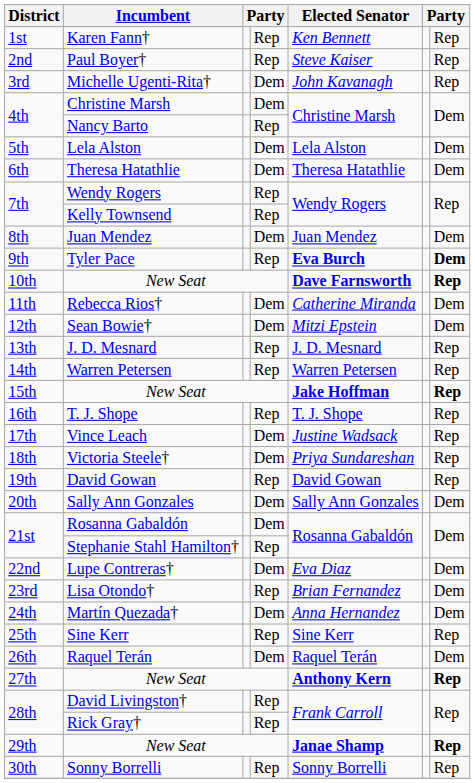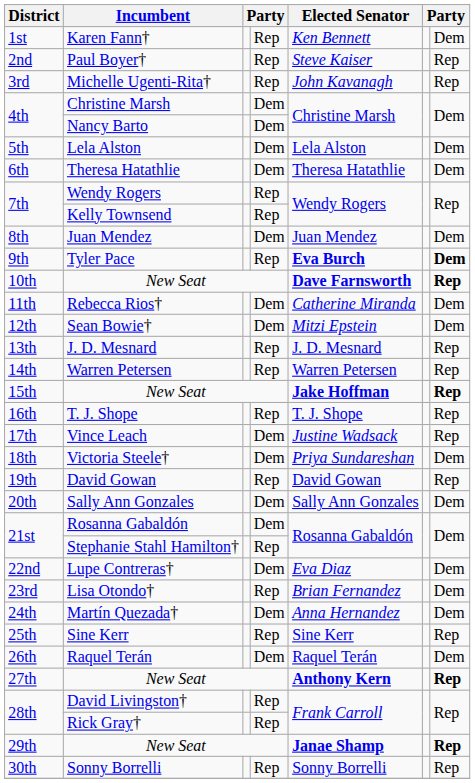 <table class="sortable wikitable" style="font-size:95%;line-height:14px;">
 <tr>
 <th>District</th>
 <th class="unsortable"><a href='#'>Incumbent</a></th>
 <th colspan="2">Party</th>
 <th class="unsortable">Elected Senator</th>
 <th colspan="2">Party</th>
 </tr>
 <tr>
 <td><a href='#'>1st</a></td>
 <td><a href='#'>Karen Fann</a>†</td>
 <td style="background:"></td>
 <td>Rep</td>
 <td><em><a href='#'>Ken Bennett</a></em></td>
 <td style="background:"></td>
-<td>Rep</td>
+<td>Dem</td>
 </tr>
 <tr>
 <td><a href='#'>2nd</a></td>
 <td><a href='#'>Paul Boyer</a>†</td>
 <td style="background:"></td>
 <td>Rep</td>
 <td><em><a href='#'>Steve Kaiser</a></em></td>
 <td style="background:"></td>
 <td>Rep</td>
 </tr>
 <tr>
 <td><a href='#'>3rd</a></td>
 <td><a href='#'>Michelle Ugenti-Rita</a>†</td>
 <td style="background:"></td>
-<td>Dem</td>
+<td>Rep</td>
 <td><em><a href='#'>John Kavanagh</a></em></td>
 <td style="background:"></td>
 <td>Rep</td>
 </tr>
 <tr>
 <td rowspan=2><a href='#'>4th</a></td>
 <td><a href='#'>Christine Marsh</a></td>
 <td style="background:"></td>
 <td>Dem</td>
 <td rowspan=2><a href='#'>Christine Marsh</a></td>
 <td rowspan=2 style="background:"></td>
 <td rowspan=2>Dem</td>
 </tr>
 <tr>
 <td><a href='#'>Nancy Barto</a></td>
 <td style="background:"></td>
-<td>Rep</td>
+<td>Dem</td>
 </tr>
 <tr>
 <td><a href='#'>5th</a></td>
 <td><a href='#'>Lela Alston</a></td>
 <td style="background:"></td>
 <td>Dem</td>
 <td><a href='#'>Lela Alston</a></td>
 <td style="background:"></td>
 <td>Dem</td>
 </tr>
 <tr>
 <td><a href='#'>6th</a></td>
 <td><a href='#'>Theresa Hatathlie</a></td>
 <td style="background:"></td>
 <td>Dem</td>
 <td><a href='#'>Theresa Hatathlie</a></td>
 <td style="background:"></td>
 <td>Dem</td>
 </tr>
 <tr>
 <td rowspan=2><a href='#'>7th</a></td>
 <td><a href='#'>Wendy Rogers</a></td>
 <td style="background:"></td>
 <td>Rep</td>
 <td rowspan=2><a href='#'>Wendy Rogers</a></td>
 <td rowspan=2 style="background:"></td>
 <td rowspan=2>Rep</td>
 </tr>
 <tr>
 <td><a href='#'>Kelly Townsend</a></td>
 <td style="background:"></td>
 <td>Rep</td>
 </tr>
 <tr>
 <td><a href='#'>8th</a></td>
 <td><a href='#'>Juan Mendez</a></td>
 <td style="background:"></td>
 <td>Dem</td>
 <td><a href='#'>Juan Mendez</a></td>
 <td style="background:"></td>
 <td>Dem</td>
 </tr>
 <tr>
 <td><a href='#'>9th</a></td>
 <td><a href='#'>Tyler Pace</a></td>
 <td style="background:"></td>
 <td>Rep</td>
 <td><strong><a href='#'>Eva Burch</a></strong></td>
 <td style="background:"></td>
 <td><strong>Dem</strong></td>
 </tr>
 <tr>
 <td><a href='#'>10th</a></td>
 <td colspan=3 align=center><em>New Seat</em></td>
 <td><strong><a href='#'>Dave Farnsworth</a></strong></td>
 <td style="background:"></td>
 <td><strong>Rep</strong></td>
 </tr>
 <tr>
 <td><a href='#'>11th</a></td>
 <td><a href='#'>Rebecca Rios</a>†</td>
 <td style="background:"></td>
 <td>Dem</td>
 <td><em><a href='#'>Catherine Miranda</a></em></td>
 <td style="background:"></td>
 <td>Dem</td>
 </tr>
 <tr>
 <td><a href='#'>12th</a></td>
 <td><a href='#'>Sean Bowie</a>†</td>
 <td style="background:"></td>
 <td>Dem</td>
 <td><em><a href='#'>Mitzi Epstein</a></em></td>
 <td style="background:"></td>
 <td>Dem</td>
 </tr>
 <tr>
 <td><a href='#'>13th</a></td>
 <td><a href='#'>J. D. Mesnard</a></td>
 <td style="background:"></td>
 <td>Rep</td>
 <td><a href='#'>J. D. Mesnard</a></td>
 <td style="background:"></td>
 <td>Rep</td>
 </tr>
 <tr>
 <td><a href='#'>14th</a></td>
 <td><a href='#'>Warren Petersen</a></td>
 <td style="background:"></td>
 <td>Rep</td>
 <td><a href='#'>Warren Petersen</a></td>
 <td style="background:"></td>
 <td>Rep</td>
 </tr>
 <tr>
 <td><a href='#'>15th</a></td>
 <td colspan=3 align=center><em>New Seat</em></td>
 <td><strong><a href='#'>Jake Hoffman</a></strong></td>
 <td style="background:"></td>
 <td><strong>Rep</strong></td>
 </tr>
 <tr>
 <td><a href='#'>16th</a></td>
 <td><a href='#'>T. J. Shope</a></td>
 <td style="background:"></td>
 <td>Rep</td>
 <td><a href='#'>T. J. Shope</a></td>
 <td style="background:"></td>
 <td>Rep</td>
 </tr>
 <tr>
 <td><a href='#'>17th</a></td>
 <td><a href='#'>Vince Leach</a></td>
 <td style="background:"></td>
 <td>Dem</td>
 <td><em><a href='#'>Justine Wadsack</a></em></td>
 <td style="background:"></td>
 <td>Rep</td>
 </tr>
 <tr>
 <td><a href='#'>18th</a></td>
 <td><a href='#'>Victoria Steele</a>†</td>
 <td style="background:"></td>
 <td>Dem</td>
 <td><em><a href='#'>Priya Sundareshan</a></em></td>
 <td style="background:"></td>
-<td>Rep</td>
+<td>Dem</td>
 </tr>
 <tr>
 <td><a href='#'>19th</a></td>
 <td><a href='#'>David Gowan</a></td>
 <td style="background:"></td>
 <td>Rep</td>
 <td><a href='#'>David Gowan</a></td>
 <td style="background:"></td>
 <td>Rep</td>
 </tr>
 <tr>
 <td><a href='#'>20th</a></td>
 <td><a href='#'>Sally Ann Gonzales</a></td>
 <td style="background:"></td>
 <td>Dem</td>
 <td><a href='#'>Sally Ann Gonzales</a></td>
 <td style="background:"></td>
 <td>Dem</td>
 </tr>
 <tr>
 <td rowspan=2><a href='#'>21st</a></td>
 <td><a href='#'>Rosanna Gabaldón</a></td>
 <td style="background:"></td>
 <td>Dem</td>
 <td rowspan=2><a href='#'>Rosanna Gabaldón</a></td>
 <td rowspan=2 style="background:"></td>
 <td rowspan=2>Dem</td>
 </tr>
 <tr>
 <td><a href='#'>Stephanie Stahl Hamilton</a>†</td>
 <td style="background:"></td>
 <td>Rep</td>
 </tr>
 <tr>
 <td><a href='#'>22nd</a></td>
 <td><a href='#'>Lupe Contreras</a>†</td>
 <td style="background:"></td>
 <td>Dem</td>
 <td><em><a href='#'>Eva Diaz</a></em></td>
 <td style="background:"></td>
 <td>Dem</td>
 </tr>
 <tr>
 <td><a href='#'>23rd</a></td>
 <td><a href='#'>Lisa Otondo</a>†</td>
 <td style="background:"></td>
 <td>Rep</td>
 <td><em><a href='#'>Brian Fernandez</a></em></td>
 <td style="background:"></td>
 <td>Dem</td>
 </tr>
 <tr>
 <td><a href='#'>24th</a></td>
 <td><a href='#'>Martín Quezada</a>†</td>
 <td style="background:"></td>
 <td>Dem</td>
 <td><em><a href='#'>Anna Hernandez</a></em></td>
 <td style="background:"></td>
 <td>Dem</td>
 </tr>
 <tr>
 <td><a href='#'>25th</a></td>
 <td><a href='#'>Sine Kerr</a></td>
 <td style="background:"></td>
 <td>Rep</td>
 <td><a href='#'>Sine Kerr</a></td>
 <td style="background:"></td>
 <td>Rep</td>
 </tr>
 <tr>
 <td><a href='#'>26th</a></td>
 <td><a href='#'>Raquel Terán</a></td>
 <td style="background:"></td>
 <td>Dem</td>
 <td><a href='#'>Raquel Terán</a></td>
 <td style="background:"></td>
 <td>Dem</td>
 </tr>
 <tr>
 <td><a href='#'>27th</a></td>
 <td colspan=3 align=center><em>New Seat</em></td>
 <td><strong><a href='#'>Anthony Kern</a></strong></td>
 <td style="background:"></td>
 <td><strong>Rep</strong></td>
 </tr>
 <tr>
 <td rowspan=2><a href='#'>28th</a></td>
 <td><a href='#'>David Livingston</a>†</td>
 <td style="background:"></td>
 <td>Rep</td>
 <td rowspan=2><em><a href='#'>Frank Carroll</a></em></td>
 <td rowspan=2 style="background:"></td>
 <td rowspan=2>Rep</td>
 </tr>
 <tr>
 <td><a href='#'>Rick Gray</a>†</td>
 <td style="background:"></td>
 <td>Rep</td>
 </tr>
 <tr>
 <td><a href='#'>29th</a></td>
 <td colspan=3 align=center><em>New Seat</em></td>
 <td><strong><a href='#'>Janae Shamp</a></strong></td>
 <td style="background:"></td>
 <td><strong>Rep</strong></td>
 </tr>
 <tr>
 <td><a href='#'>30th</a></td>
 <td><a href='#'>Sonny Borrelli</a></td>
 <td style="background:"></td>
 <td>Rep</td>
 <td><a href='#'>Sonny Borrelli</a></td>
 <td style="background:"></td>
 <td>Rep</td>
 </tr>
 <tr>
 </tr>
 </table>
